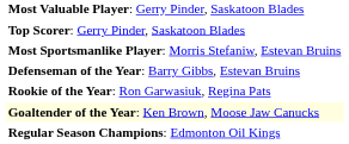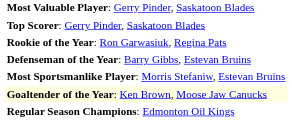 <table cellpadding="3" cellspacing="1">
 <tr>
 <td><strong>Most Valuable Player</strong>: <a href='#'>Gerry Pinder</a>, <a href='#'>Saskatoon Blades</a></td>
 </tr>
 <tr>
 <td><strong>Top Scorer</strong>: <a href='#'>Gerry Pinder</a>, <a href='#'>Saskatoon Blades</a></td>
 </tr>
 <tr>
-<td><strong>Most Sportsmanlike Player</strong>: <a href='#'>Morris Stefaniw</a>, <a href='#'>Estevan Bruins</a></td>
+<td><strong>Rookie of the Year</strong>: <a href='#'>Ron Garwasiuk</a>, <a href='#'>Regina Pats</a></td>
 </tr>
 <tr>
 <td><strong>Defenseman of the Year</strong>: <a href='#'>Barry Gibbs</a>, <a href='#'>Estevan Bruins</a></td>
 </tr>
 <tr>
-<td><strong>Rookie of the Year</strong>: <a href='#'>Ron Garwasiuk</a>, <a href='#'>Regina Pats</a></td>
+<td><strong>Most Sportsmanlike Player</strong>: <a href='#'>Morris Stefaniw</a>, <a href='#'>Estevan Bruins</a></td>
 </tr>
 <tr>
 <td style="background: lightyellow;"><strong>Goaltender of the Year</strong>: <a href='#'>Ken Brown</a>, <a href='#'>Moose Jaw Canucks</a></td>
 </tr>
 <tr>
 <td><strong>Regular Season Champions</strong>: <a href='#'>Edmonton Oil Kings</a></td>
 </tr>
 </table>
